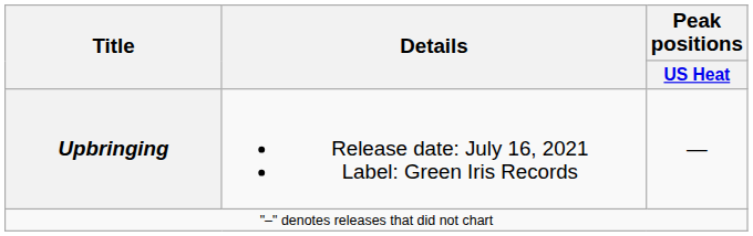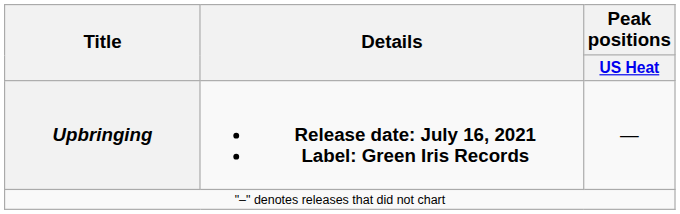 <table class="wikitable plainrowheaders" style="text-align:center;">
 <tr>
 <th rowspan="2" style="width:10em;">Title</th>
 <th rowspan="2" style="width:20em;">Details</th>
 <th>Peak positions</th>
 </tr>
 <tr style="font-size:smaller;">
 <th style="width:65px;"><a href='#'>US Heat</a></th>
 </tr>
 <tr>
 <th scope="row"><em>Upbringing</em></th>
-<td><br><ul><li>Release date: July 16, 2021</li><li>Label: Green Iris Records</li></ul></td>
+<td><strong><br><ul><li>Release date: July 16, 2021</li><li>Label: Green Iris Records</li></ul></strong></td>
 <td>—</td>
 </tr>
 <tr>
 <td colspan="3" style="font-size:8pt">"–" denotes releases that did not chart</td>
 </tr>
 </table>
